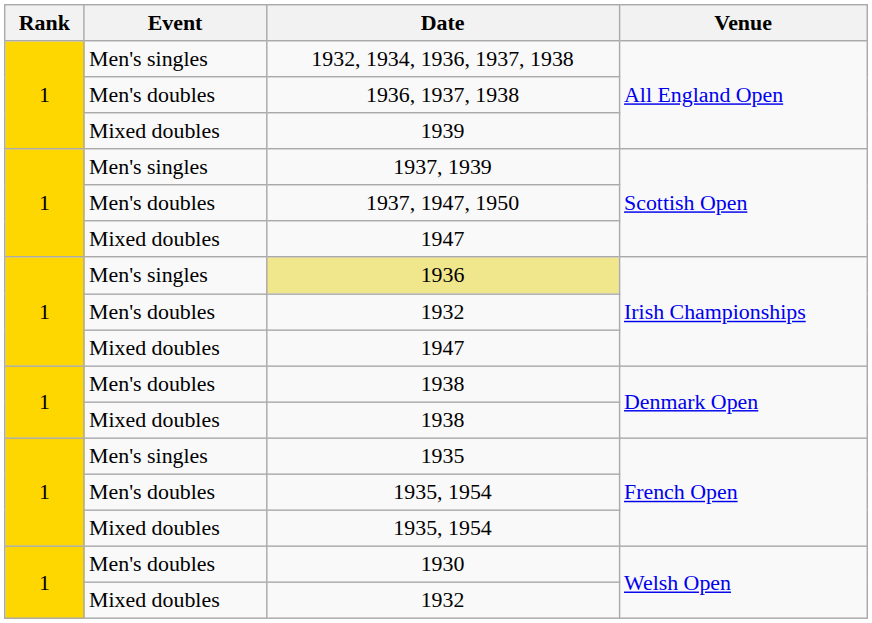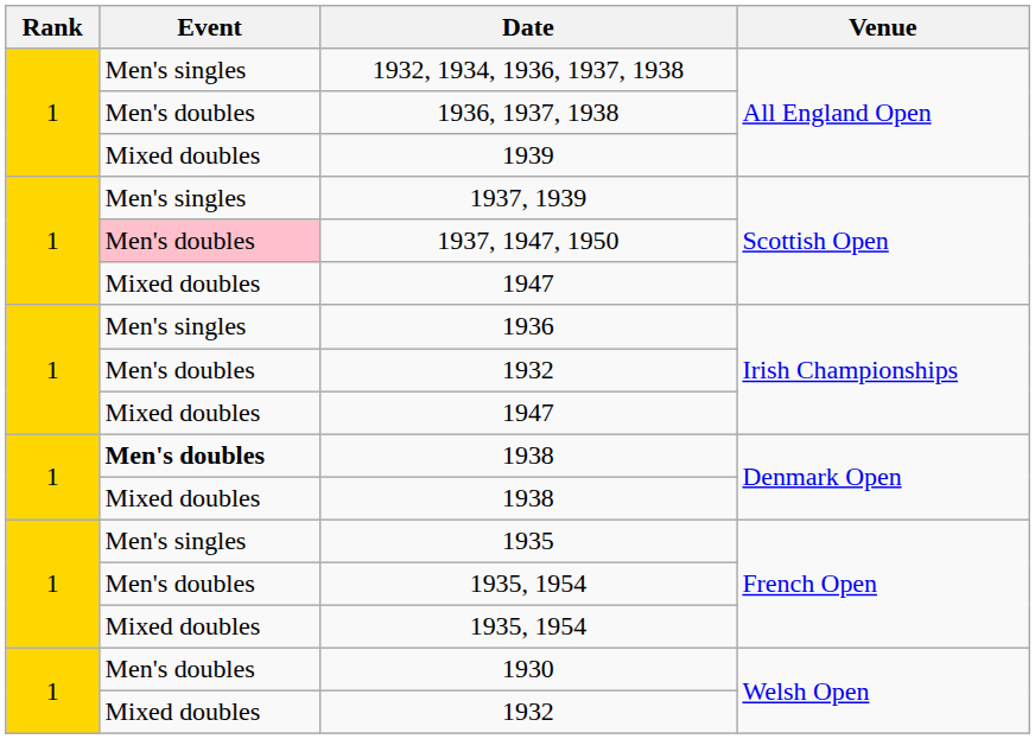 <table class="wikitable" width="600px" style="font-size: 95%;">
 <tr>
 <th align="left">Rank</th>
 <th align="left">Event</th>
 <th align="left">Date</th>
 <th align="left">Venue</th>
 </tr>
 <tr>
 <td align="center" bgcolor="#ffd700" rowspan=3>1</td>
 <td align="left">Men's singles</td>
 <td align="center">1932, 1934, 1936, 1937, 1938</td>
 <td align="left" rowspan=3><a href='#'>All England Open</a></td>
 </tr>
 <tr>
 <td align="left">Men's doubles</td>
 <td align="center">1936, 1937, 1938</td>
 </tr>
 <tr>
 <td align="left">Mixed doubles</td>
 <td align="center">1939</td>
 </tr>
 <tr>
 <td align="center" bgcolor="#ffd700" rowspan=3>1</td>
 <td align="left">Men's singles</td>
 <td align="center">1937, 1939</td>
 <td align="left" rowspan=3><a href='#'>Scottish Open</a></td>
 </tr>
 <tr>
-<td align="left">Men's doubles</td>
+<td align="left" style="background: pink;">Men's doubles</td>
 <td align="center">1937, 1947, 1950</td>
 </tr>
 <tr>
 <td align="left">Mixed doubles</td>
 <td align="center">1947</td>
 </tr>
 <tr>
 <td align="center" bgcolor="#ffd700" rowspan=3>1</td>
 <td align="left">Men's singles</td>
-<td align="center" style="background: khaki;">1936</td>
+<td align="center">1936</td>
 <td align="left" rowspan=3><a href='#'>Irish Championships</a></td>
 </tr>
 <tr>
 <td align="left">Men's doubles</td>
 <td align="center">1932</td>
 </tr>
 <tr>
 <td align="left">Mixed doubles</td>
 <td align="center">1947</td>
 </tr>
 <tr>
 <td align="center" bgcolor="#ffd700" rowspan=2>1</td>
-<td align="left">Men's doubles</td>
+<td align="left"><strong>Men's doubles</strong></td>
 <td align="center">1938</td>
 <td align="left" rowspan=2><a href='#'>Denmark Open</a></td>
 </tr>
 <tr>
 <td align="left">Mixed doubles</td>
 <td align="center">1938</td>
 </tr>
 <tr>
 <td align="center" bgcolor="#ffd700" rowspan=3>1</td>
 <td align="left">Men's singles</td>
 <td align="center">1935</td>
 <td align="left" rowspan=3><a href='#'>French Open</a></td>
 </tr>
 <tr>
 <td align="left">Men's doubles</td>
 <td align="center">1935, 1954</td>
 </tr>
 <tr>
 <td align="left">Mixed doubles</td>
 <td align="center">1935, 1954</td>
 </tr>
 <tr>
 <td align="center" bgcolor="#ffd700" rowspan=2>1</td>
 <td align="left">Men's doubles</td>
 <td align="center">1930</td>
 <td align="left" rowspan=2><a href='#'>Welsh Open</a></td>
 </tr>
 <tr>
 <td align="left">Mixed doubles</td>
 <td align="center">1932</td>
 </tr>
 </table>
